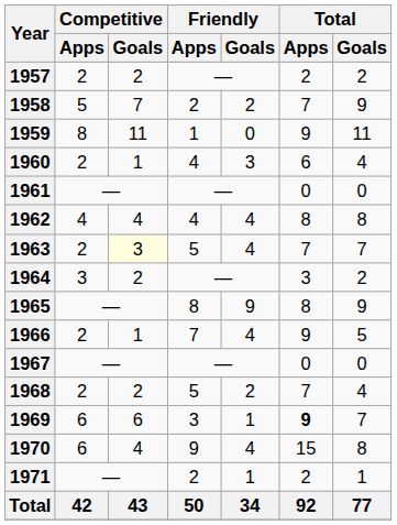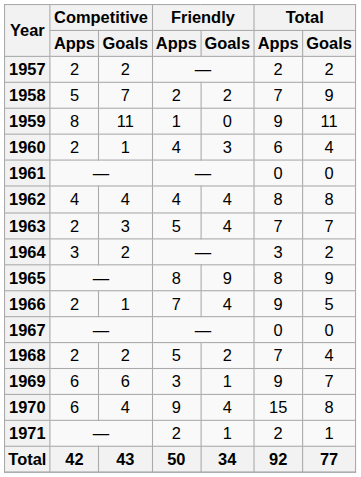 <table class="wikitable" style="text-align:center; font-size:95%">
 <tr>
 <th rowspan="2" scope="col">Year</th>
 <th colspan="2" scope="colgroup">Competitive</th>
 <th colspan="2" scope="colgroup">Friendly</th>
 <th colspan="2" scope="colgroup">Total</th>
 </tr>
 <tr>
 <th scope="col">Apps</th>
 <th scope="col">Goals</th>
 <th scope="col">Apps</th>
 <th scope="col">Goals</th>
 <th scope="col">Apps</th>
 <th scope="col">Goals</th>
 </tr>
 <tr>
 <th scope=row>1957</th>
 <td>2</td>
 <td>2</td>
 <td colspan="2">—</td>
 <td>2</td>
 <td>2</td>
 </tr>
 <tr>
 <th scope=row>1958</th>
 <td>5</td>
 <td>7</td>
 <td>2</td>
 <td>2</td>
 <td>7</td>
 <td>9</td>
 </tr>
 <tr>
 <th scope=row>1959</th>
 <td>8</td>
 <td>11</td>
 <td>1</td>
 <td>0</td>
 <td>9</td>
 <td>11</td>
 </tr>
 <tr>
 <th scope=row>1960</th>
 <td>2</td>
 <td>1</td>
 <td>4</td>
 <td>3</td>
 <td>6</td>
 <td>4</td>
 </tr>
 <tr>
 <th scope=row>1961</th>
 <td colspan="2">—</td>
 <td colspan="2">—</td>
 <td>0</td>
 <td>0</td>
 </tr>
 <tr>
 <th scope=row>1962</th>
 <td>4</td>
 <td>4</td>
 <td>4</td>
 <td>4</td>
 <td>8</td>
 <td>8</td>
 </tr>
 <tr>
 <th scope=row>1963</th>
 <td>2</td>
-<td style="background: lightyellow;">3</td>
+<td>3</td>
 <td>5</td>
 <td>4</td>
 <td>7</td>
 <td>7</td>
 </tr>
 <tr>
 <th scope=row>1964</th>
 <td>3</td>
 <td>2</td>
 <td colspan="2">—</td>
 <td>3</td>
 <td>2</td>
 </tr>
 <tr>
 <th scope=row>1965</th>
 <td colspan="2">—</td>
 <td>8</td>
 <td>9</td>
 <td>8</td>
 <td>9</td>
 </tr>
 <tr>
 <th scope=row>1966</th>
 <td>2</td>
 <td>1</td>
 <td>7</td>
 <td>4</td>
 <td>9</td>
 <td>5</td>
 </tr>
 <tr>
 <th scope=row>1967</th>
 <td colspan="2">—</td>
 <td colspan="2">—</td>
 <td>0</td>
 <td>0</td>
 </tr>
 <tr>
 <th scope=row>1968</th>
 <td>2</td>
 <td>2</td>
 <td>5</td>
 <td>2</td>
 <td>7</td>
 <td>4</td>
 </tr>
 <tr>
 <th scope=row>1969</th>
 <td>6</td>
 <td>6</td>
 <td>3</td>
 <td>1</td>
-<td><strong>9</strong></td>
+<td>9</td>
 <td>7</td>
 </tr>
 <tr>
 <th scope=row>1970</th>
 <td>6</td>
 <td>4</td>
 <td>9</td>
 <td>4</td>
 <td>15</td>
 <td>8</td>
 </tr>
 <tr>
 <th scope=row>1971</th>
 <td colspan="2">—</td>
 <td>2</td>
 <td>1</td>
 <td>2</td>
 <td>1</td>
 </tr>
 <tr>
 <th scope=row>Total</th>
 <th>42</th>
 <th>43</th>
 <th>50</th>
 <th>34</th>
 <th>92</th>
 <th>77</th>
 </tr>
 <tr>
 </tr>
 </table>
